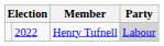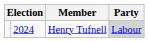 <table class="wikitable">
 <tr>
 <th colspan="2">Election</th>
 <th>Member</th>
 <th>Party</th>
 </tr>
 <tr>
 <td style="color:inherit;background-color: "></td>
-<td><a href='#'>2022</a></td>
+<td><a href='#'>2024</a></td>
 <td><a href='#'>Henry Tufnell</a></td>
 <td style="background: lightgrey;"><a href='#'>Labour</a></td>
 </tr>
 </table>
